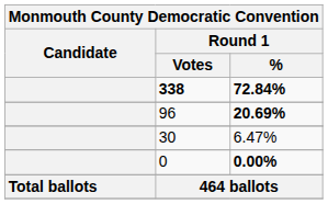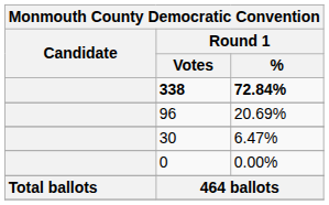 <table class="wikitable sortable">
 <tr>
 <th colspan=" 19 ">Monmouth County Democratic Convention</th>
 </tr>
 <tr style="background:#eee; text-align:center;">
 <th rowspan=2 style="text-align:center;">Candidate</th>
 <th colspan=2 style="text-align:center;">Round 1</th>
 </tr>
 <tr>
 <th>Votes</th>
 <th>%</th>
 </tr>
 <tr>
 <th scope="row" style="text-align:left;"></th>
 <td><strong>338</strong></td>
 <td><strong>72.84%</strong></td>
 </tr>
 <tr>
 </tr>
 <tr>
 </tr>
 <tr>
 <th scope="row" style="text-align:left;"></th>
 <td>96</td>
-<td><strong>20.69%</strong></td>
+<td>20.69%</td>
 </tr>
 <tr>
 </tr>
 <tr>
 </tr>
 <tr>
 <th scope="row" style="text-align:left;"></th>
 <td>30</td>
 <td>6.47%</td>
 </tr>
 <tr>
 </tr>
 <tr>
 </tr>
 <tr>
 <th scope="row" style="text-align:left;"></th>
 <td>0</td>
-<td><strong>0.00%</strong></td>
+<td>0.00%</td>
 </tr>
 <tr>
 </tr>
 <tr>
 <th scope="row" style="text-align:left;">Total ballots</th>
 <th colspan="2">464 ballots</th>
 </tr>
 <tr>
 </tr>
 </table>
